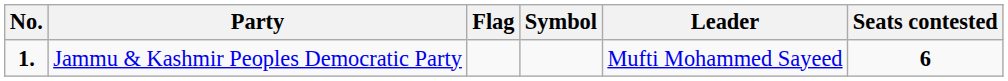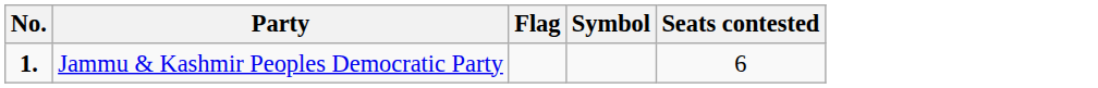 <table class="wikitable">
 <tr>
 <th>No.</th>
 <th>Party</th>
 <th>Flag</th>
 <th>Symbol</th>
-<th>Leader</th>
 <th>Seats contested</th>
 </tr>
 <tr>
 <td ! style="text-align:center; background:"><strong>1.</strong></td>
 <td style="text-align:center"><a href='#'>Jammu & Kashmir Peoples Democratic Party</a></td>
 <td></td>
 <td></td>
-<td style="text-align:center"><a href='#'>Mufti Mohammed Sayeed</a></td>
-<td style="text-align:center"><strong>6</strong></td>
+<td style="text-align:center">6</td>
 </tr>
 </table>
